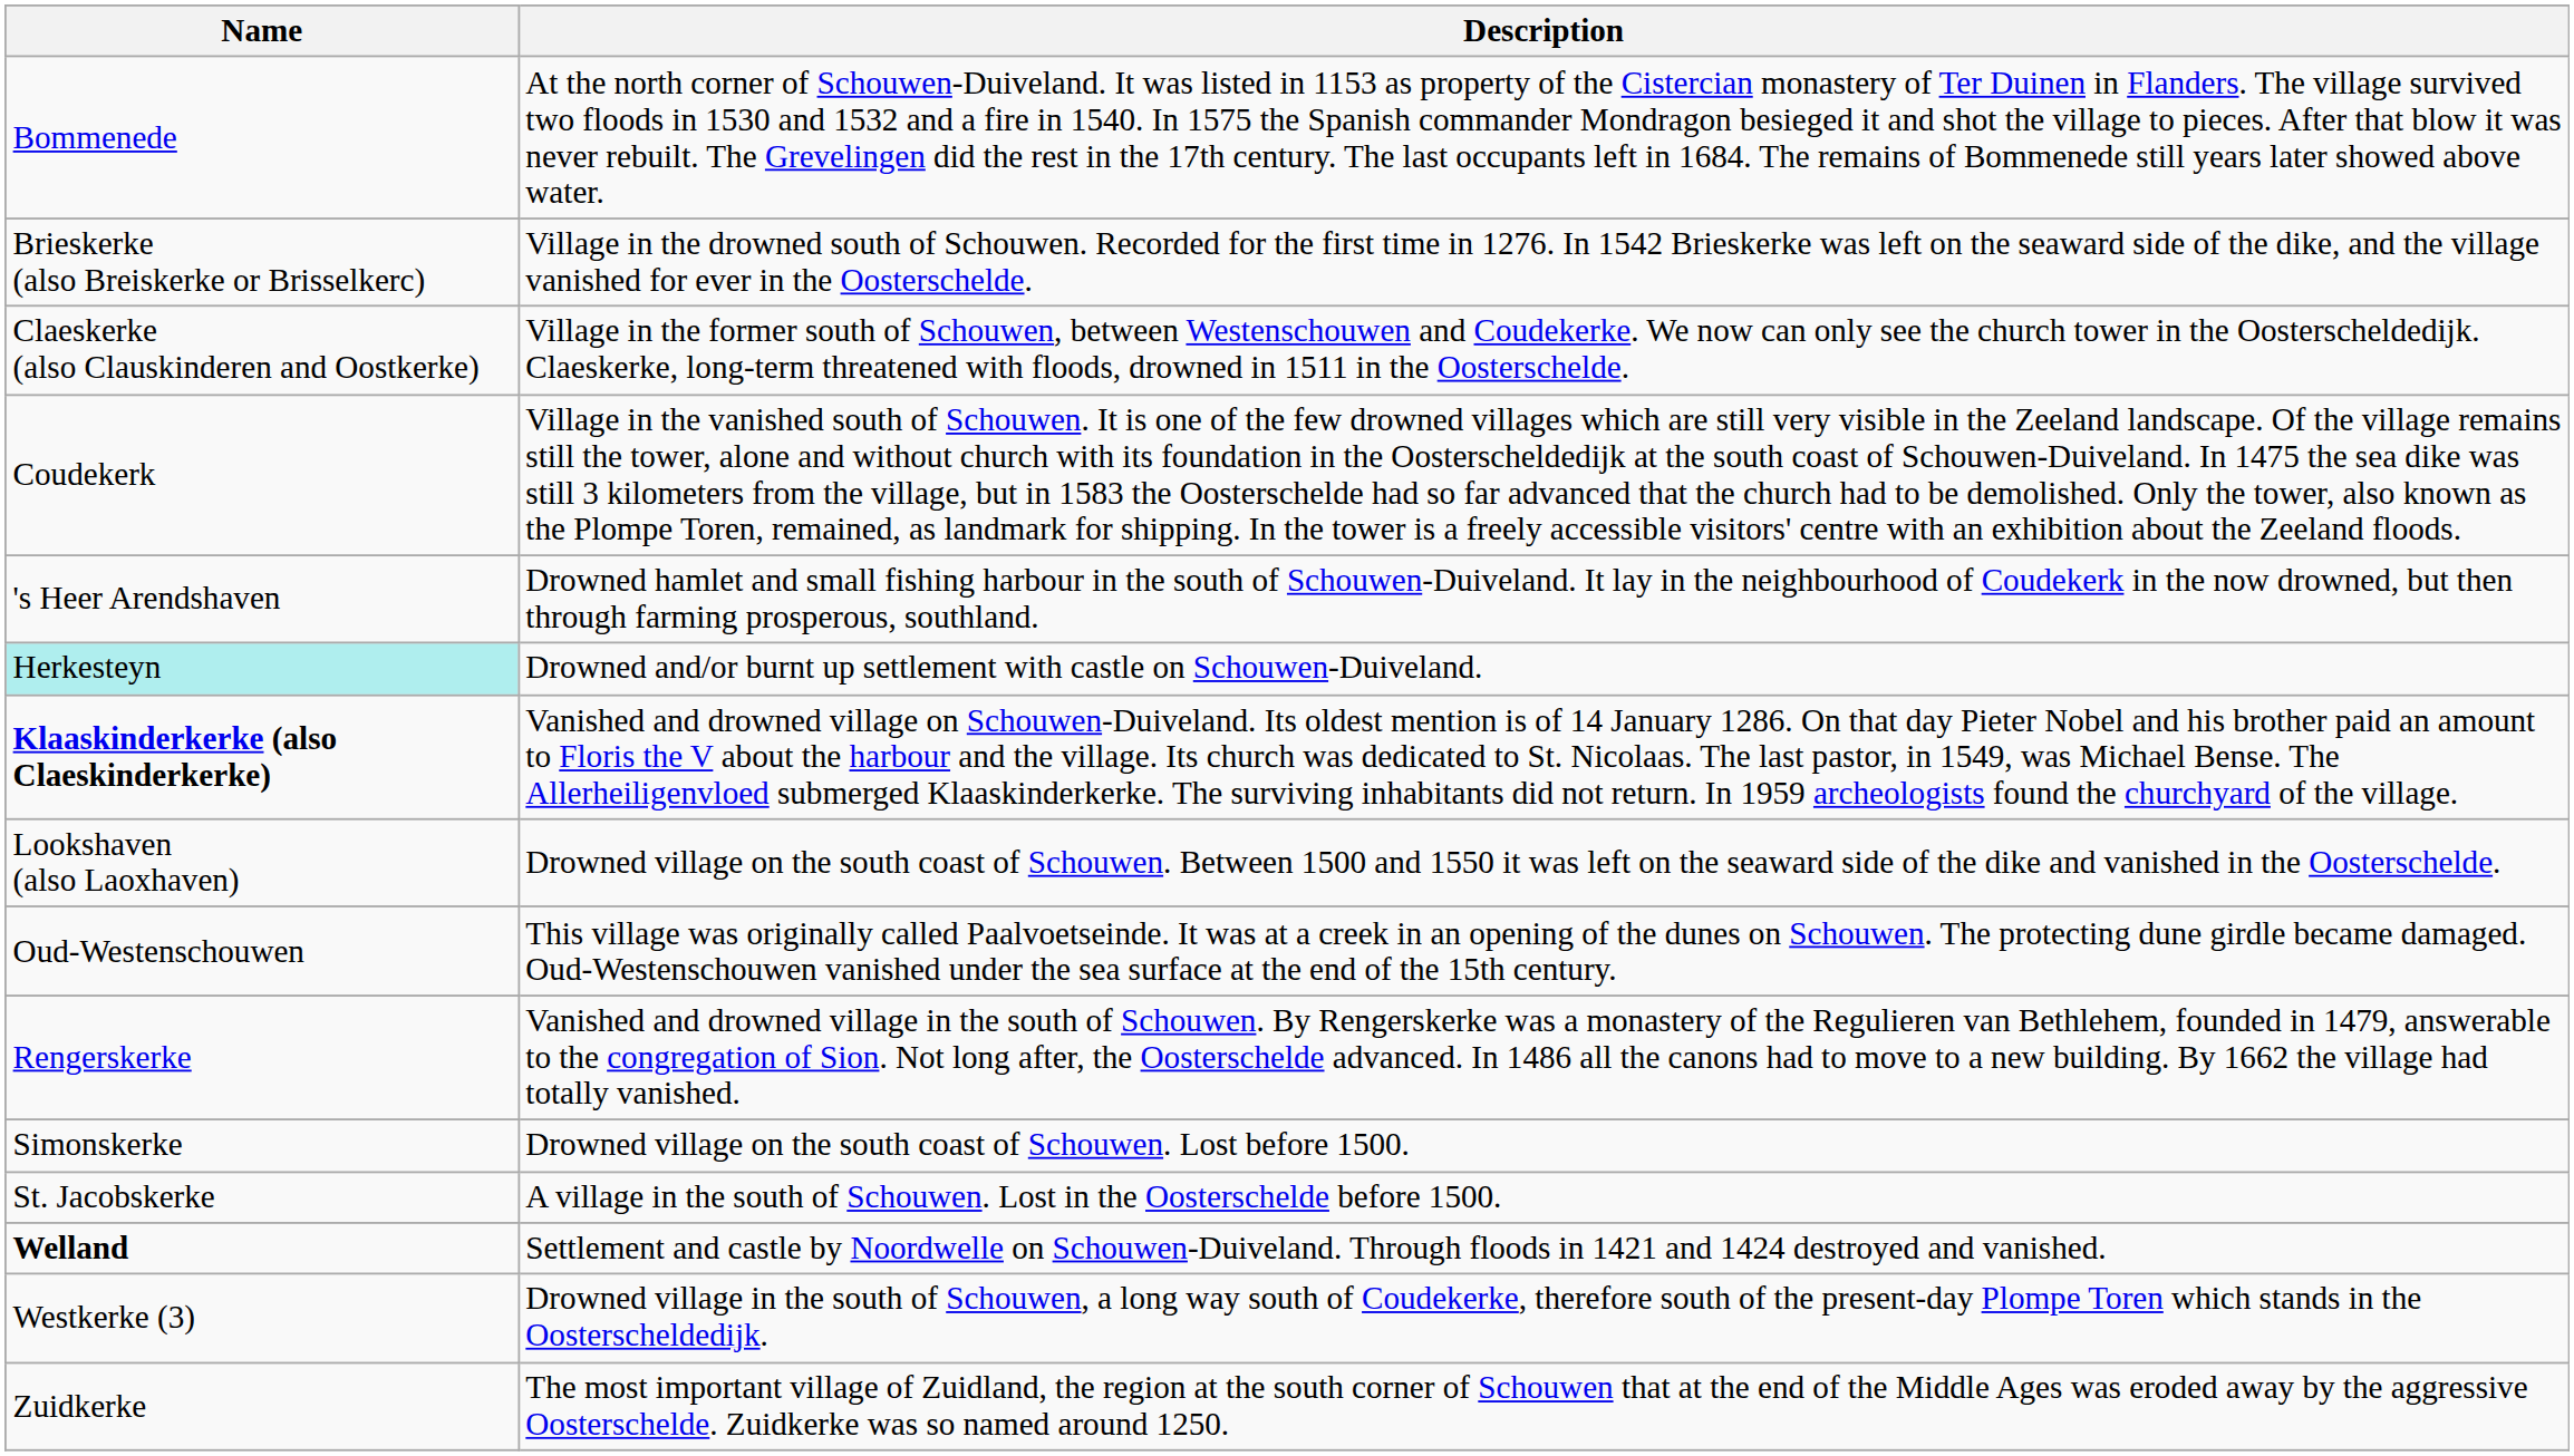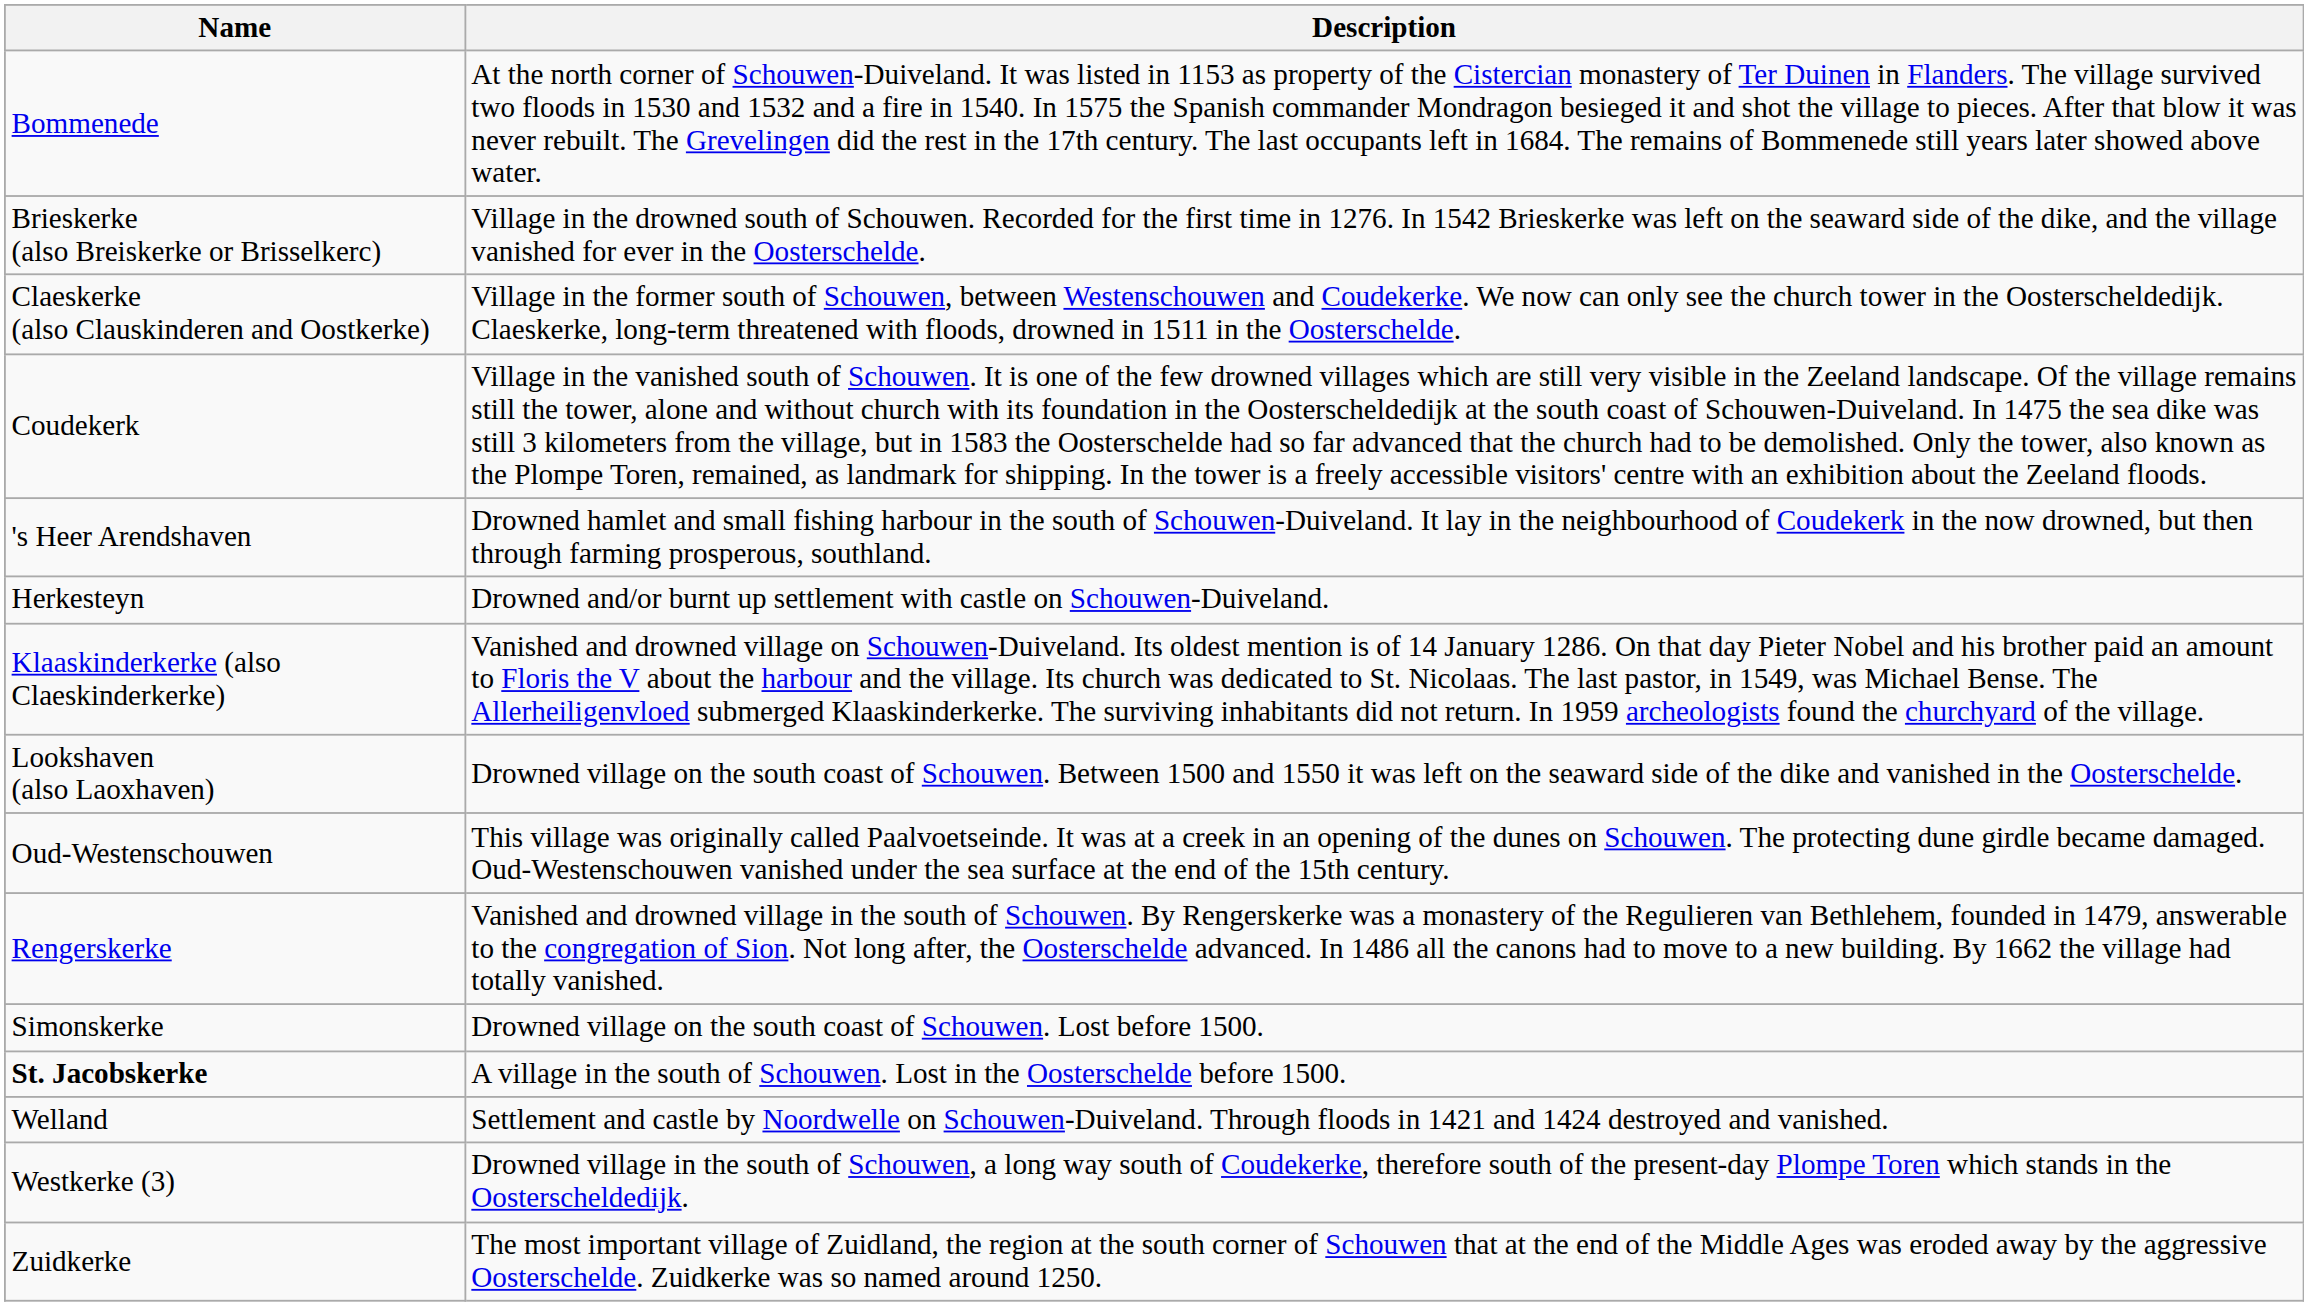 <table class="wikitable" width="100%">
 <tr>
 <th width=20%>Name</th>
 <th width=80%>Description</th>
 </tr>
 <tr>
 <td><a href='#'>Bommenede</a></td>
 <td>At the north corner of <a href='#'>Schouwen</a>-Duiveland. It was listed in 1153 as property of the <a href='#'>Cistercian</a> monastery of <a href='#'>Ter Duinen</a> in <a href='#'>Flanders</a>. The village survived two floods in 1530 and 1532 and a fire in 1540. In 1575 the Spanish commander Mondragon besieged it and shot the village to pieces. After that blow it was never rebuilt. The <a href='#'>Grevelingen</a> did the rest in the 17th century. The last occupants left in 1684. The remains of Bommenede still years later showed above water.</td>
 </tr>
 <tr>
 <td>Brieskerke <br>(also Breiskerke or Brisselkerc)</td>
 <td>Village in the drowned south of Schouwen. Recorded for the first time in 1276. In 1542 Brieskerke was left on the seaward side of the dike, and the village vanished for ever in the <a href='#'>Oosterschelde</a>.</td>
 </tr>
 <tr>
 <td>Claeskerke<br>(also Clauskinderen and Oostkerke)</td>
 <td>Village in the former south of <a href='#'>Schouwen</a>, between <a href='#'>Westenschouwen</a> and <a href='#'>Coudekerke</a>. We now can only see the church tower in the Oosterscheldedijk. Claeskerke, long-term threatened with floods, drowned in 1511 in the <a href='#'>Oosterschelde</a>.</td>
 </tr>
 <tr>
 <td>Coudekerk</td>
 <td>Village in the vanished south of <a href='#'>Schouwen</a>. It is one of the few drowned villages which are still very visible in the Zeeland landscape. Of the village remains still the tower, alone and without church with its foundation in the Oosterscheldedijk at the south coast of Schouwen-Duiveland. In 1475 the sea dike was still 3 kilometers from the village, but in 1583 the Oosterschelde had so far advanced that the church had to be demolished. Only the tower, also known as the Plompe Toren, remained, as landmark for shipping. In the tower is a freely accessible visitors' centre with an exhibition about the Zeeland floods.</td>
 </tr>
 <tr>
 <td>'s Heer Arendshaven</td>
 <td>Drowned hamlet and small fishing harbour in the south of <a href='#'>Schouwen</a>-Duiveland. It lay in the neighbourhood of <a href='#'>Coudekerk</a> in the now drowned, but then through farming prosperous, southland.</td>
 </tr>
 <tr>
-<td style="background: paleturquoise;">Herkesteyn</td>
+<td>Herkesteyn</td>
 <td>Drowned and/or burnt up settlement with castle on <a href='#'>Schouwen</a>-Duiveland.</td>
 </tr>
 <tr>
-<td><strong><a href='#'>Klaaskinderkerke</a> (also Claeskinderkerke)</strong></td>
+<td><a href='#'>Klaaskinderkerke</a> (also Claeskinderkerke)</td>
 <td>Vanished and drowned village on <a href='#'>Schouwen</a>-Duiveland. Its oldest mention is of 14 January 1286. On that day Pieter Nobel and his brother paid an amount to <a href='#'>Floris the V</a> about the <a href='#'>harbour</a> and the village. Its church was dedicated to St. Nicolaas. The last pastor, in 1549, was Michael Bense. The <a href='#'>Allerheiligenvloed</a> submerged Klaaskinderkerke. The surviving inhabitants did not return. In 1959 <a href='#'>archeologists</a> found the <a href='#'>churchyard</a> of the village.</td>
 </tr>
 <tr>
 <td>Lookshaven <br>(also Laoxhaven)</td>
 <td>Drowned village on the south coast of <a href='#'>Schouwen</a>. Between 1500 and 1550 it was left on the seaward side of the dike and vanished in the <a href='#'>Oosterschelde</a>.</td>
 </tr>
 <tr>
 <td>Oud-Westenschouwen</td>
 <td>This village was originally called Paalvoetseinde. It was at a creek in an opening of the dunes on <a href='#'>Schouwen</a>. The protecting dune girdle became damaged. Oud-Westenschouwen vanished under the sea surface at the end of the 15th century.</td>
 </tr>
 <tr>
 <td><a href='#'>Rengerskerke</a></td>
 <td>Vanished and drowned village in the south of <a href='#'>Schouwen</a>. By Rengerskerke was a monastery of the Regulieren van Bethlehem, founded in 1479, answerable to the <a href='#'>congregation of Sion</a>. Not long after, the <a href='#'>Oosterschelde</a> advanced. In 1486 all the canons had to move to a new building. By 1662 the village had totally vanished.</td>
 </tr>
 <tr>
 <td>Simonskerke</td>
 <td>Drowned village on the south coast of <a href='#'>Schouwen</a>. Lost before 1500.</td>
 </tr>
 <tr>
-<td>St. Jacobskerke</td>
+<td><strong>St. Jacobskerke</strong></td>
 <td>A village in the south of <a href='#'>Schouwen</a>. Lost in the <a href='#'>Oosterschelde</a> before 1500.</td>
 </tr>
 <tr>
-<td><strong>Welland</strong></td>
+<td>Welland</td>
 <td>Settlement and castle by <a href='#'>Noordwelle</a> on <a href='#'>Schouwen</a>-Duiveland. Through floods in 1421 and 1424 destroyed and vanished.</td>
 </tr>
 <tr>
 <td>Westkerke (3)</td>
 <td>Drowned village in the south of <a href='#'>Schouwen</a>, a long way south of <a href='#'>Coudekerke</a>, therefore south of the present-day <a href='#'>Plompe Toren</a> which stands in the <a href='#'>Oosterscheldedijk</a>.</td>
 </tr>
 <tr>
 <td>Zuidkerke</td>
 <td>The most important village of Zuidland, the region at the south corner of <a href='#'>Schouwen</a> that at the end of the Middle Ages was eroded away by the aggressive <a href='#'>Oosterschelde</a>. Zuidkerke was so named around 1250.</td>
 </tr>
 </table>
